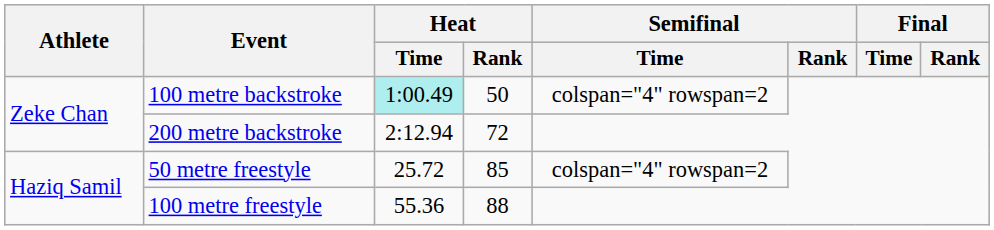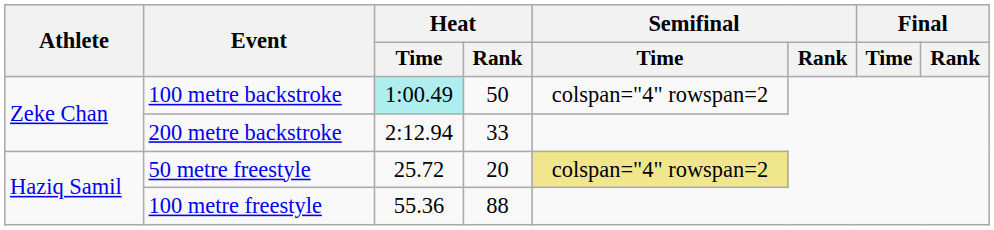 <table class="wikitable" style="text-align:center; font-size:90%; width:50%;">
 <tr>
 <th rowspan="2">Athlete</th>
 <th rowspan="2">Event</th>
 <th colspan="2">Heat</th>
 <th colspan="2">Semifinal</th>
 <th colspan="2">Final</th>
 </tr>
 <tr style="font-size:95%">
 <th>Time</th>
 <th>Rank</th>
 <th>Time</th>
 <th>Rank</th>
 <th>Time</th>
 <th>Rank</th>
 </tr>
 <tr align=center>
 <td align=left rowspan="2"><a href='#'>Zeke Chan</a></td>
 <td align=left><a href='#'>100 metre backstroke</a></td>
 <td style="background: paleturquoise;">1:00.49</td>
 <td>50</td>
 <td>colspan="4" rowspan=2 </td>
 </tr>
 <tr align=center>
 <td align=left><a href='#'>200 metre backstroke</a></td>
 <td>2:12.94</td>
-<td>72</td>
+<td>33</td>
 </tr>
 <tr align=center>
 <td align=left rowspan="2"><a href='#'>Haziq Samil</a></td>
 <td align=left><a href='#'>50 metre freestyle</a></td>
 <td>25.72</td>
-<td>85</td>
-<td>colspan="4" rowspan=2 </td>
+<td>20</td>
+<td style="background: khaki;">colspan="4" rowspan=2 </td>
 </tr>
 <tr align=center>
 <td align=left><a href='#'>100 metre freestyle</a></td>
 <td>55.36</td>
 <td>88</td>
 </tr>
 </table>
